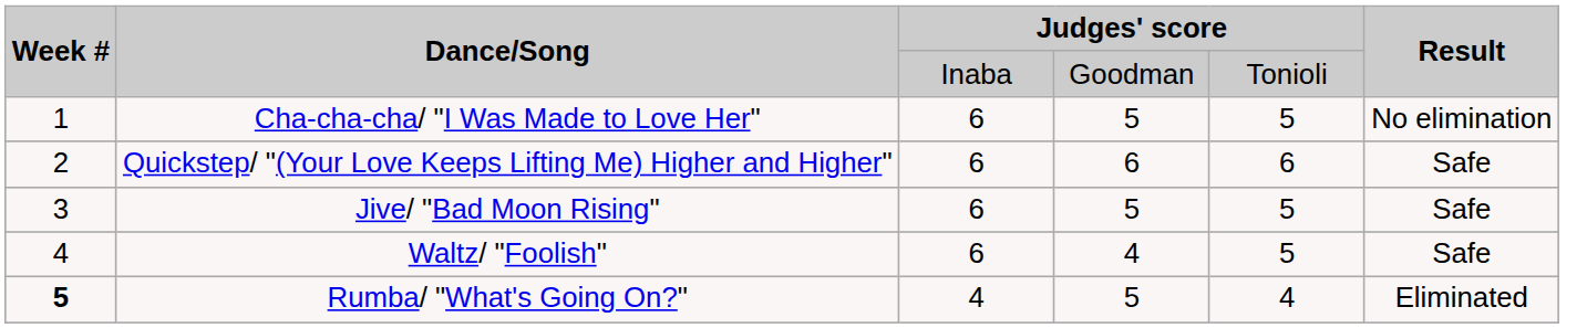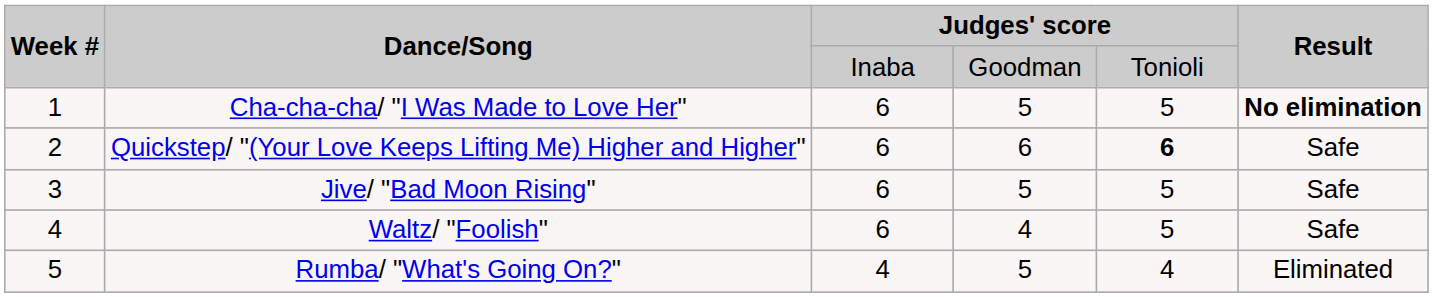 <table class="wikitable" border="1" style="float:left;">
 <tr>
 <td rowspan="2" bgcolor="#CCCCCC" align="Center"><strong>Week #</strong></td>
 <td rowspan="2" bgcolor="#CCCCCC" align="Center"><strong>Dance/Song</strong></td>
 <td colspan="3" bgcolor="#CCCCCC" align="Center"><strong>Judges' score</strong></td>
 <td rowspan="2" bgcolor="#CCCCCC" align="Center"><strong>Result</strong></td>
 </tr>
 <tr>
 <td bgcolor="#CCCCCC" width="10%" align="center">Inaba</td>
 <td bgcolor="#CCCCCC" width="10%" align="center">Goodman</td>
 <td bgcolor="#CCCCCC" width="10%" align="center">Tonioli</td>
 </tr>
 <tr>
 <td align="center" bgcolor="#FAF6F6">1</td>
 <td align="center" bgcolor="#FAF6F6"><a href='#'>Cha-cha-cha</a>/ "<a href='#'>I Was Made to Love Her</a>"</td>
 <td align="center" bgcolor="#FAF6F6">6</td>
 <td align="center" bgcolor="#FAF6F6">5</td>
 <td align="center" bgcolor="#FAF6F6">5</td>
-<td align="center" bgcolor="#FAF6F6">No elimination</td>
+<td align="center" bgcolor="#FAF6F6"><strong>No elimination</strong></td>
 </tr>
 <tr>
 <td align="center" bgcolor="#FAF6F6">2</td>
 <td align="center" bgcolor="#FAF6F6"><a href='#'>Quickstep</a>/ "<a href='#'>(Your Love Keeps Lifting Me) Higher and Higher</a>"</td>
 <td align="center" bgcolor="#FAF6F6">6</td>
 <td align="center" bgcolor="#FAF6F6">6</td>
-<td align="center" bgcolor="#FAF6F6">6</td>
+<td align="center" bgcolor="#FAF6F6"><strong>6</strong></td>
 <td align="center" bgcolor="#FAF6F6">Safe</td>
 </tr>
 <tr>
 <td align="center" bgcolor="#FAF6F6">3</td>
 <td align="center" bgcolor="#FAF6F6"><a href='#'>Jive</a>/ "<a href='#'>Bad Moon Rising</a>"</td>
 <td align="center" bgcolor="#FAF6F6">6</td>
 <td align="center" bgcolor="#FAF6F6">5</td>
 <td align="center" bgcolor="#FAF6F6">5</td>
 <td align="center" bgcolor="#FAF6F6">Safe</td>
 </tr>
 <tr>
 <td align="center" bgcolor="#FAF6F6">4</td>
 <td align="center" bgcolor="#FAF6F6"><a href='#'>Waltz</a>/ "<a href='#'>Foolish</a>"</td>
 <td align="center" bgcolor="#FAF6F6">6</td>
 <td align="center" bgcolor="#FAF6F6">4</td>
 <td align="center" bgcolor="#FAF6F6">5</td>
 <td align="center" bgcolor="#FAF6F6">Safe</td>
 </tr>
 <tr>
-<td align="center" bgcolor="#FAF6F6"><strong>5</strong></td>
+<td align="center" bgcolor="#FAF6F6">5</td>
 <td align="center" bgcolor="#FAF6F6"><a href='#'>Rumba</a>/ "<a href='#'>What's Going On?</a>"</td>
 <td align="center" bgcolor="#FAF6F6">4</td>
 <td align="center" bgcolor="#FAF6F6">5</td>
 <td align="center" bgcolor="#FAF6F6">4</td>
 <td align="center" bgcolor="#FAF6F6">Eliminated</td>
 </tr>
 </table>
